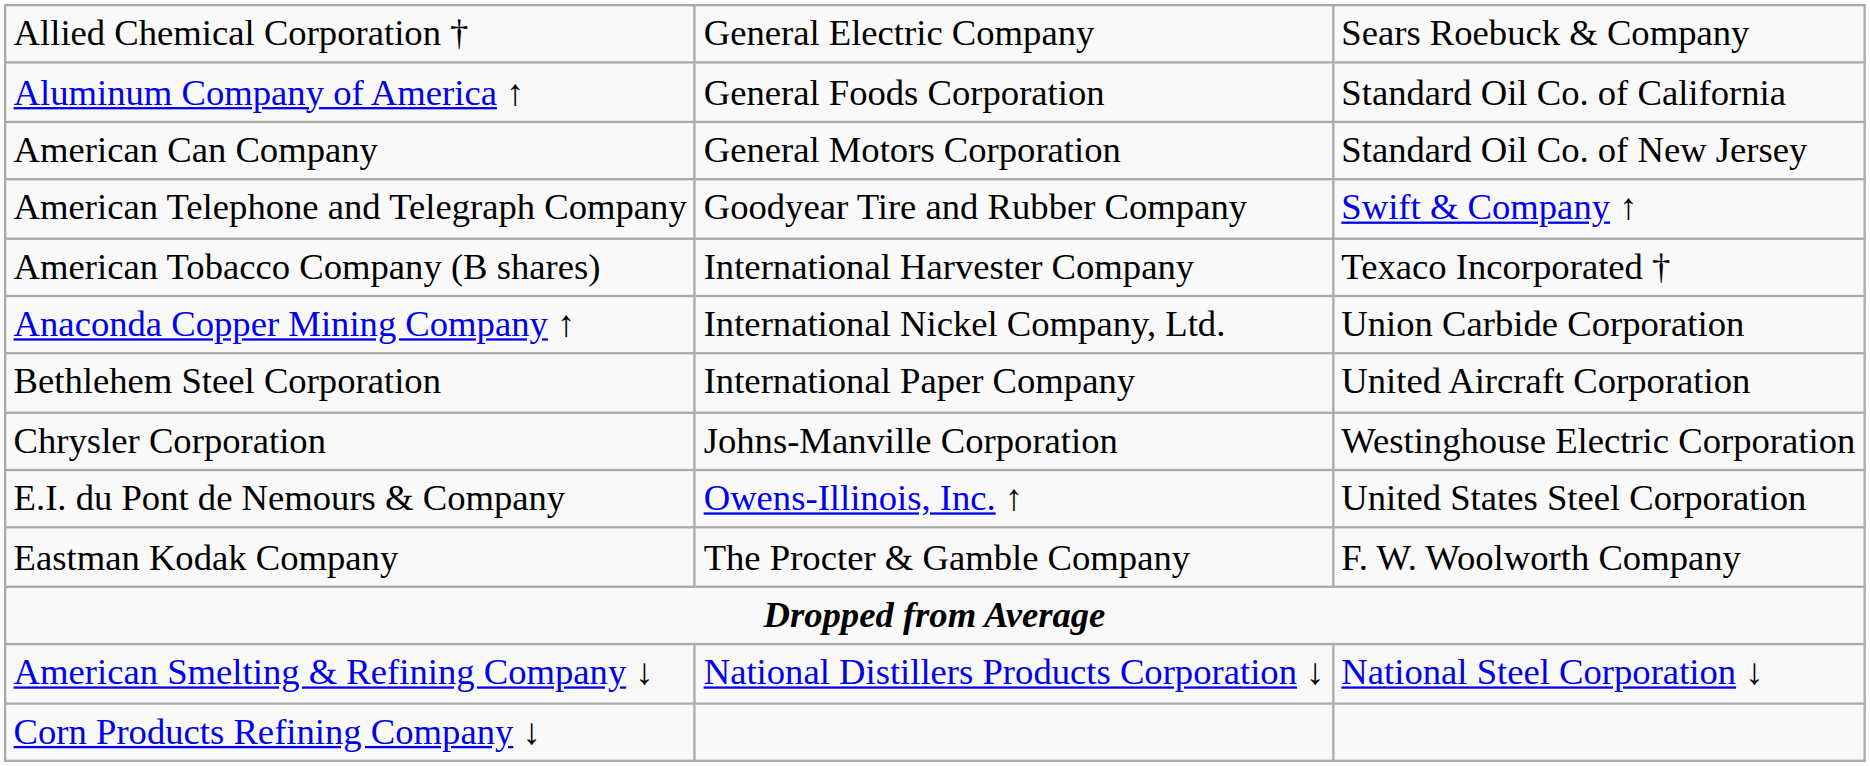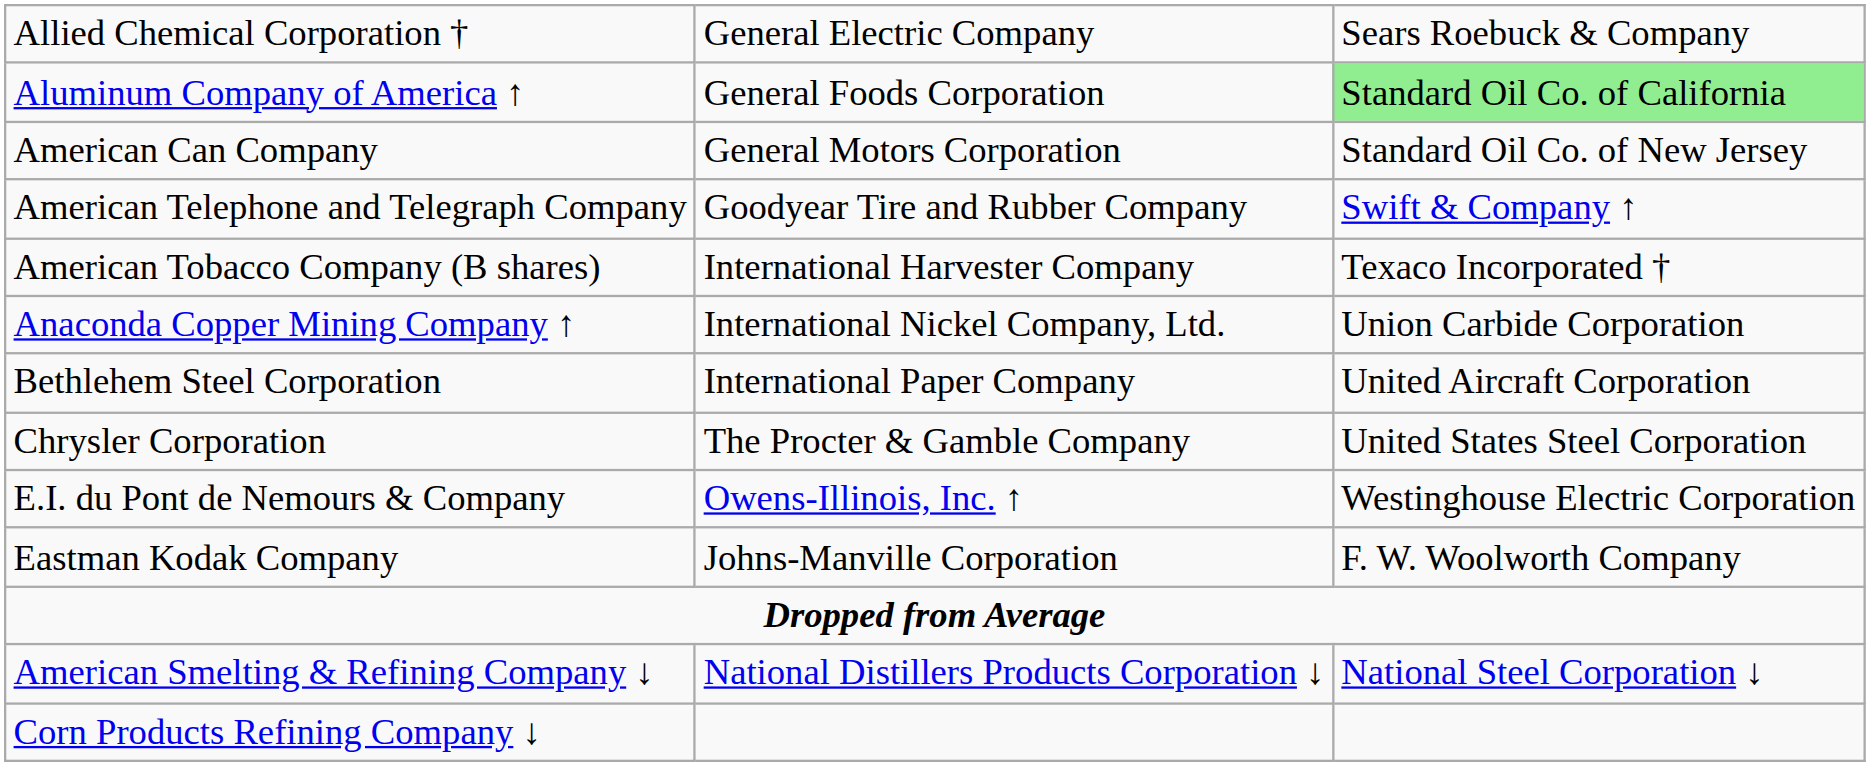 <table class="wikitable" border="1">
 <tr>
 <td>Allied Chemical Corporation † <br></td>
 <td>General Electric Company</td>
 <td>Sears Roebuck & Company</td>
 </tr>
 <tr>
 <td><a href='#'>Aluminum Company of America</a> ↑</td>
 <td>General Foods Corporation</td>
-<td>Standard Oil Co. of California</td>
+<td style="background: lightgreen;">Standard Oil Co. of California</td>
 </tr>
 <tr>
 <td>American Can Company</td>
 <td>General Motors Corporation</td>
 <td>Standard Oil Co. of New Jersey</td>
 </tr>
 <tr>
 <td>American Telephone and Telegraph Company</td>
 <td>Goodyear Tire and Rubber Company</td>
 <td><a href='#'>Swift & Company</a> ↑</td>
 </tr>
 <tr>
 <td>American Tobacco Company (B shares)</td>
 <td>International Harvester Company</td>
 <td>Texaco Incorporated † <br></td>
 </tr>
 <tr>
 <td><a href='#'>Anaconda Copper Mining Company</a> ↑</td>
 <td>International Nickel Company, Ltd.</td>
 <td>Union Carbide Corporation</td>
 </tr>
 <tr>
 <td>Bethlehem Steel Corporation</td>
 <td>International Paper Company</td>
 <td>United Aircraft Corporation</td>
 </tr>
 <tr>
 <td>Chrysler Corporation</td>
-<td>Johns-Manville Corporation</td>
-<td>Westinghouse Electric Corporation</td>
+<td>The Procter & Gamble Company</td>
+<td>United States Steel Corporation</td>
 </tr>
 <tr>
 <td>E.I. du Pont de Nemours & Company</td>
 <td><a href='#'>Owens-Illinois, Inc.</a> ↑</td>
-<td>United States Steel Corporation</td>
+<td>Westinghouse Electric Corporation</td>
 </tr>
 <tr>
 <td>Eastman Kodak Company</td>
-<td>The Procter & Gamble Company</td>
+<td>Johns-Manville Corporation</td>
 <td>F. W. Woolworth Company</td>
 </tr>
 <tr>
 <td colspan="3" align="center"><strong><em>Dropped from Average</em></strong></td>
 </tr>
 <tr>
 <td><a href='#'>American Smelting & Refining Company</a> ↓</td>
 <td><a href='#'>National Distillers Products Corporation</a> ↓</td>
 <td><a href='#'>National Steel Corporation</a> ↓</td>
 </tr>
 <tr>
 <td><a href='#'>Corn Products Refining Company</a> ↓</td>
 <td></td>
 <td></td>
 </tr>
 </table>
